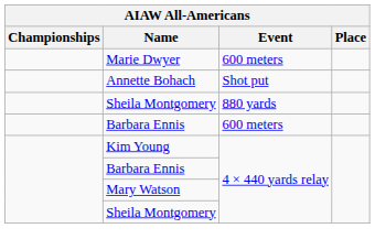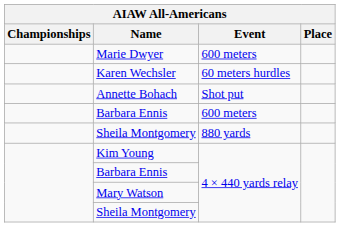 <table class="wikitable sortable">
 <tr>
 <th colspan="4">AIAW All-Americans</th>
 </tr>
 <tr>
 <th scope="col">Championships</th>
 <th scope="col">Name</th>
 <th scope="col">Event</th>
 <th scope="col">Place</th>
 </tr>
 <tr>
 <td></td>
 <td><a href='#'>Marie Dwyer</a></td>
 <td><a href='#'>600 meters</a></td>
 <td></td>
 </tr>
 <tr>
 <td></td>
+<td><a href='#'>Karen Wechsler</a></td>
+<td><a href='#'>60 meters hurdles</a></td>
+<td></td>
+</tr>
+<tr>
+<td></td>
 <td><a href='#'>Annette Bohach</a></td>
 <td><a href='#'>Shot put</a></td>
 <td></td>
 </tr>
 <tr>
 <td></td>
-<td><a href='#'>Sheila Montgomery</a></td>
-<td><a href='#'>880 yards</a></td>
+<td><a href='#'>Barbara Ennis</a></td>
+<td><a href='#'>600 meters</a></td>
 <td></td>
 </tr>
 <tr>
 <td></td>
-<td><a href='#'>Barbara Ennis</a></td>
-<td><a href='#'>600 meters</a></td>
+<td><a href='#'>Sheila Montgomery</a></td>
+<td><a href='#'>880 yards</a></td>
 <td></td>
 </tr>
 <tr>
 <td rowspan=4></td>
 <td><a href='#'>Kim Young</a></td>
 <td rowspan=4><a href='#'>4 × 440 yards relay</a></td>
 <td rowspan=4></td>
 </tr>
 <tr>
 <td><a href='#'>Barbara Ennis</a></td>
 </tr>
 <tr>
 <td><a href='#'>Mary Watson</a></td>
 </tr>
 <tr>
 <td><a href='#'>Sheila Montgomery</a></td>
 </tr>
 </table>
